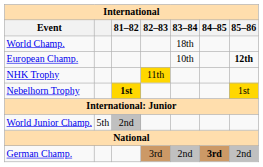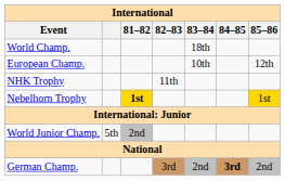 <table class="wikitable" style="text-align:center">
 <tr>
 <th style="background-color: #ffdead; " colspan=7 align=center>International</th>
 </tr>
 <tr>
 <th>Event</th>
 <th></th>
 <th>81–82</th>
 <th>82–83</th>
 <th>83–84</th>
 <th>84–85</th>
 <th>85–86</th>
 </tr>
 <tr>
 <td align=left><a href='#'>World Champ.</a></td>
 <td></td>
 <td></td>
 <td></td>
 <td>18th</td>
 <td></td>
 <td></td>
 </tr>
 <tr>
 <td align=left><a href='#'>European Champ.</a></td>
 <td></td>
 <td></td>
 <td></td>
 <td>10th</td>
 <td></td>
-<td><strong>12th</strong></td>
+<td>12th</td>
 </tr>
 <tr>
 <td align=left><a href='#'>NHK Trophy</a></td>
 <td></td>
 <td></td>
-<td style="background: gold;">11th</td>
+<td>11th</td>
 <td></td>
 <td></td>
 <td></td>
 </tr>
 <tr>
 <td align=left><a href='#'>Nebelhorn Trophy</a></td>
 <td></td>
 <td bgcolor=gold><strong>1st</strong></td>
 <td></td>
 <td></td>
 <td></td>
 <td bgcolor=gold>1st</td>
 </tr>
 <tr>
 <th style="background-color: #ffdead; " colspan=7 align=center>International: Junior</th>
 </tr>
 <tr>
 <td align=left><a href='#'>World Junior Champ.</a></td>
 <td>5th</td>
 <td bgcolor=silver>2nd</td>
 <td></td>
 <td></td>
 <td></td>
 <td></td>
 </tr>
 <tr>
 <th style="background-color: #ffdead; " colspan=7 align=center>National</th>
 </tr>
 <tr>
 <td align=left><a href='#'>German Champ.</a></td>
 <td></td>
 <td></td>
 <td bgcolor=cc9966>3rd</td>
 <td bgcolor=silver>2nd</td>
 <td bgcolor=cc9966><strong>3rd</strong></td>
 <td bgcolor=silver>2nd</td>
 </tr>
 </table>
